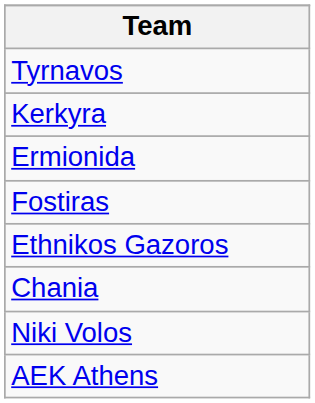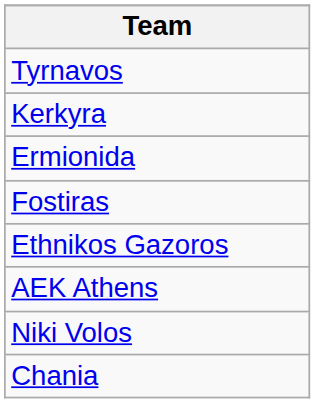 <table class="wikitable" style="float:left; margin-right:1em;">
 <tr>
 </tr>
 <tr>
 <th width=170>Team</th>
 </tr>
 <tr>
 <td><a href='#'>Tyrnavos</a></td>
 </tr>
 <tr>
 <td><a href='#'>Kerkyra</a></td>
 </tr>
 <tr>
 <td><a href='#'>Ermionida</a></td>
 </tr>
 <tr>
 <td><a href='#'>Fostiras</a></td>
 </tr>
 <tr>
 <td><a href='#'>Ethnikos Gazoros</a></td>
 </tr>
 <tr>
-<td><a href='#'>Chania</a></td>
+<td><a href='#'>AEK Athens</a></td>
 </tr>
 <tr>
 <td><a href='#'>Niki Volos</a></td>
 </tr>
 <tr>
-<td><a href='#'>AEK Athens</a></td>
+<td><a href='#'>Chania</a></td>
 </tr>
 </table>
